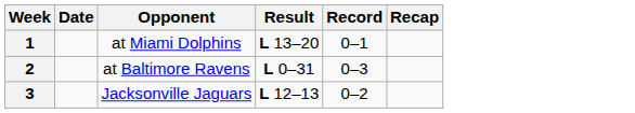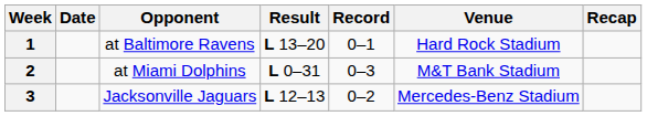 <table class="wikitable" style="text-align:center">
 <tr>
 <th>Week</th>
 <th>Date</th>
 <th>Opponent</th>
 <th>Result</th>
 <th>Record</th>
+<th>Venue</th>
 <th>Recap</th>
 </tr>
 <tr>
 <th>1</th>
 <td></td>
-<td>at <a href='#'>Miami Dolphins</a></td>
+<td>at <a href='#'>Baltimore Ravens</a></td>
 <td><strong>L</strong> 13–20</td>
 <td>0–1</td>
+<td><a href='#'>Hard Rock Stadium</a></td>
 <td></td>
 </tr>
 <tr>
 <th>2</th>
 <td></td>
-<td>at <a href='#'>Baltimore Ravens</a></td>
+<td>at <a href='#'>Miami Dolphins</a></td>
 <td><strong>L</strong> 0–31</td>
 <td>0–3</td>
+<td><a href='#'>M&T Bank Stadium</a></td>
 <td></td>
 </tr>
 <tr>
 <th>3</th>
 <td></td>
 <td><a href='#'>Jacksonville Jaguars</a></td>
 <td><strong>L</strong> 12–13</td>
 <td>0–2</td>
+<td><a href='#'>Mercedes-Benz Stadium</a></td>
 <td></td>
 </tr>
 </table>
